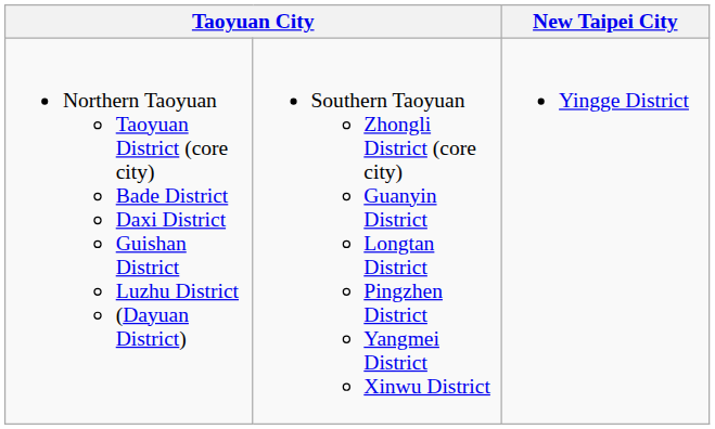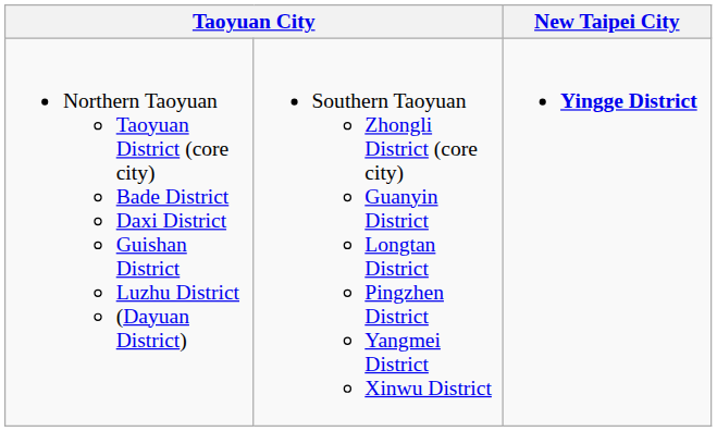 <table class=wikitable>
 <tr>
 <th colspan=2><a href='#'>Taoyuan City</a></th>
 <th><a href='#'>New Taipei City</a></th>
 </tr>
 <tr>
 <td valign=top width=180><br><ul><li>Northern Taoyuan<ul><li><a href='#'>Taoyuan District</a> (core city)</li><li><a href='#'>Bade District</a></li><li><a href='#'>Daxi District</a></li><li><a href='#'>Guishan District</a></li><li><a href='#'>Luzhu District</a></li><li>(<a href='#'>Dayuan District</a>)</li></ul></li></ul></td>
 <td valign=top width=180><br><ul><li>Southern Taoyuan<ul><li><a href='#'>Zhongli District</a> (core city)</li><li><a href='#'>Guanyin District</a></li><li><a href='#'>Longtan District</a></li><li><a href='#'>Pingzhen District</a></li><li><a href='#'>Yangmei District</a></li><li><a href='#'>Xinwu District</a></li></ul></li></ul></td>
-<td valign=top width=150><br><ul><li><a href='#'>Yingge District</a></li></ul></td>
+<td valign=top width=150><strong><br><ul><li><a href='#'>Yingge District</a></li></ul></strong></td>
 </tr>
 </table>
